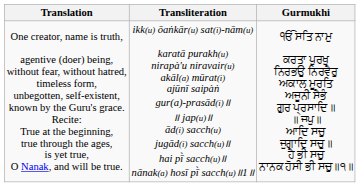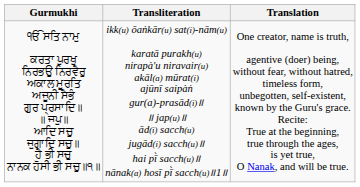 <table class="wikitable" style="margin:auto; text-align:center;">
 <tr>
+<th>Gurmukhi</th>
+<th>Transliteration</th>
 <th>Translation</th>
-<th>Transliteration</th>
-<th>Gurmukhi</th>
 </tr>
 <tr>
+<td>ੴ ਸਤਿ ਨਾਮੁ<br><br>ਕਰਤਾ ਪੁਰਖੁ <br> ਨਿਰਭਉ ਨਿਰਵੈਰੁ <br> ਅਕਾਲ ਮੂਰਤਿ <br> ਅਜੂਨੀ ਸੈਭੰ <br> ਗੁਰ ਪ੍ਰਸਾਦਿ॥<br>॥ ਜਪੁ॥<br>ਆਦਿ ਸਚੁ<br> ਜੁਗਾਦਿ ਸਚੁ॥<br> ਹੈ ਭੀ ਸਚੁ <br> ਨਾਨਕ ਹੋਸੀ ਭੀ ਸਚੁ॥੧॥</td>
+<td><em>ikk<small>(u)</small> ōaṅkār<small>(u)</small> sat<small>(i)</small>-nām<small>(u)</small><br></em><br><em>karatā purakh<small>(u)</small><br></em> <em>nirapà'u niravair<small>(u)</small><br></em> <em>akāl<small>(a)</small> mūrat<small>(i)</small><br></em> <em>ajūnī saipàṅ<br></em> <em>gur(a)-prasād<small>(i)</small>॥</em><br><em>॥ jap<small>(u)</small>॥<br></em> <em>ād<small>(i)</small> sacch<small>(u)</small><br></em> <em>jugād<small>(i)</small> sacch<small>(u)</small>॥<br></em> <em>hai pī̀ sacch<small>(u)</small>॥<br></em> <em>nānak<small>(a)</small> hosī pī̀ sacch<small>(u)</small>॥1॥</em></td>
 <td>One creator, name is truth,<br><br>agentive (doer) being,<br> without fear, without hatred,<br> timeless form,<br> unbegotten, self-existent,<br> known by the Guru's grace.<br>Recite:<br>  True at the beginning,<br> true through the ages, <br> is yet true,<br> O <a href='#'>Nanak</a>, and will be true.</td>
-<td><em>ikk<small>(u)</small> ōaṅkār<small>(u)</small> sat<small>(i)</small>-nām<small>(u)</small><br></em><br><em>karatā purakh<small>(u)</small><br></em> <em>nirapà'u niravair<small>(u)</small><br></em> <em>akāl<small>(a)</small> mūrat<small>(i)</small><br></em> <em>ajūnī saipàṅ<br></em> <em>gur(a)-prasād<small>(i)</small>॥</em><br><em>॥ jap<small>(u)</small>॥<br></em> <em>ād<small>(i)</small> sacch<small>(u)</small><br></em> <em>jugād<small>(i)</small> sacch<small>(u)</small>॥<br></em> <em>hai pī̀ sacch<small>(u)</small>॥<br></em> <em>nānak<small>(a)</small> hosī pī̀ sacch<small>(u)</small>॥1॥</em></td>
-<td>ੴ ਸਤਿ ਨਾਮੁ<br><br>ਕਰਤਾ ਪੁਰਖੁ <br> ਨਿਰਭਉ ਨਿਰਵੈਰੁ <br> ਅਕਾਲ ਮੂਰਤਿ <br> ਅਜੂਨੀ ਸੈਭੰ <br> ਗੁਰ ਪ੍ਰਸਾਦਿ॥<br>॥ ਜਪੁ॥<br>ਆਦਿ ਸਚੁ<br> ਜੁਗਾਦਿ ਸਚੁ॥<br> ਹੈ ਭੀ ਸਚੁ <br> ਨਾਨਕ ਹੋਸੀ ਭੀ ਸਚੁ॥੧॥</td>
 </tr>
 </table>
